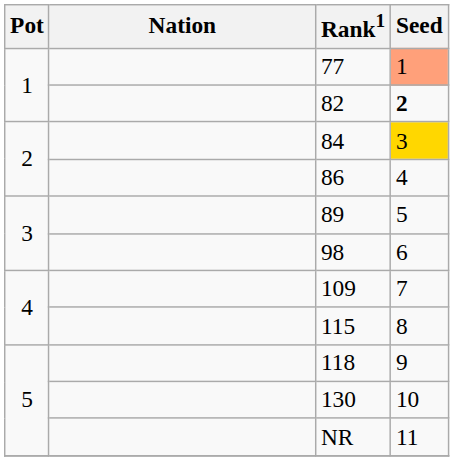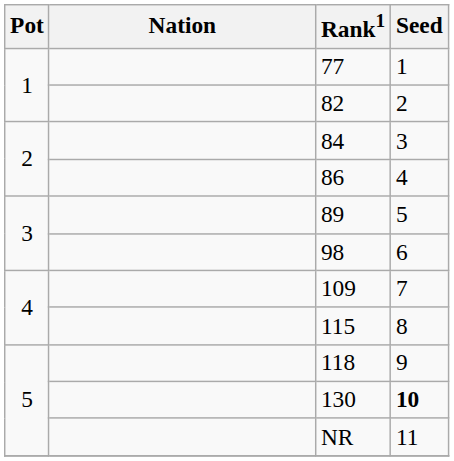 <table class="wikitable">
 <tr>
 <th>Pot</th>
 <th width="175">Nation</th>
 <th>Rank<sup>1</sup></th>
 <th>Seed</th>
 </tr>
 <tr>
 <td rowspan=2 style="text-align:center;">1</td>
 <td></td>
 <td>77</td>
-<td style="background: lightsalmon;">1</td>
+<td>1</td>
 </tr>
 <tr>
 <td></td>
 <td>82</td>
-<td><strong>2</strong></td>
+<td>2</td>
 </tr>
 <tr>
 <td rowspan=2 style="text-align:center;">2</td>
 <td></td>
 <td>84</td>
-<td style="background: gold;">3</td>
+<td>3</td>
 </tr>
 <tr>
 <td></td>
 <td>86</td>
 <td>4</td>
 </tr>
 <tr>
 <td rowspan=2 style="text-align:center;">3</td>
 <td></td>
 <td>89</td>
 <td>5</td>
 </tr>
 <tr>
 <td></td>
 <td>98</td>
 <td>6</td>
 </tr>
 <tr>
 <td rowspan=2 style="text-align:center;">4</td>
 <td></td>
 <td>109</td>
 <td>7</td>
 </tr>
 <tr>
 <td></td>
 <td>115</td>
 <td>8</td>
 </tr>
 <tr>
 <td rowspan=3 style="text-align:center;">5</td>
 <td></td>
 <td>118</td>
 <td>9</td>
 </tr>
 <tr>
 <td></td>
 <td>130</td>
-<td>10</td>
+<td><strong>10</strong></td>
 </tr>
 <tr>
 <td></td>
 <td>NR</td>
 <td>11</td>
 </tr>
 <tr>
 </tr>
 </table>
